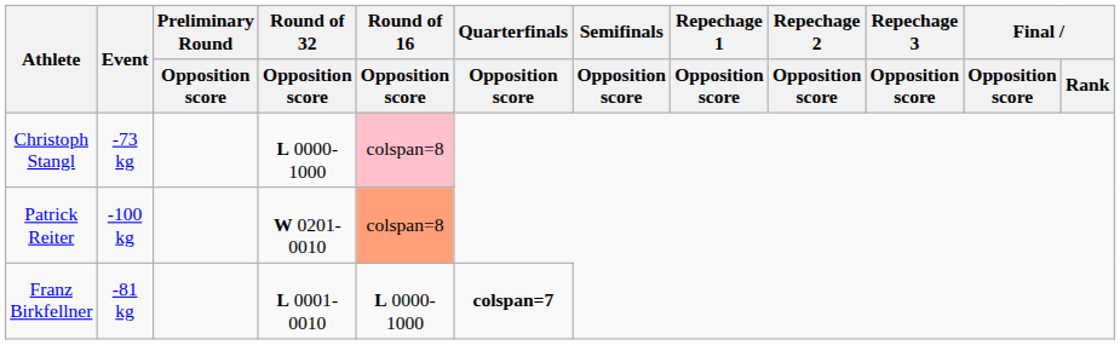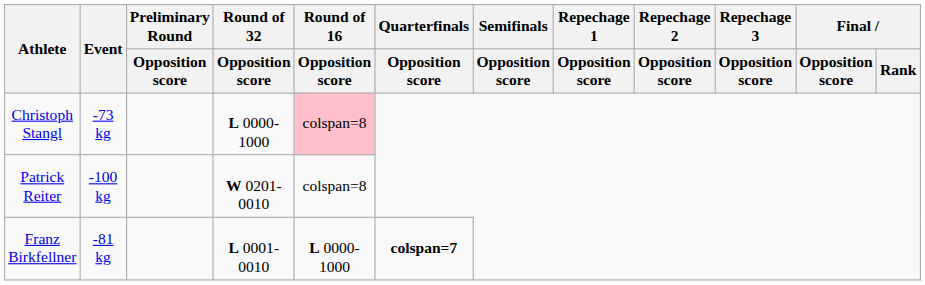 <table class=wikitable style="font-size:90%">
 <tr>
 <th rowspan=2>Athlete</th>
 <th rowspan=2>Event</th>
 <th>Preliminary Round</th>
 <th>Round of 32</th>
 <th>Round of 16</th>
 <th>Quarterfinals</th>
 <th>Semifinals</th>
 <th>Repechage 1</th>
 <th>Repechage 2</th>
 <th>Repechage 3</th>
 <th colspan=2>Final / </th>
 </tr>
 <tr>
 <th>Opposition<br> score</th>
 <th>Opposition<br> score</th>
 <th>Opposition<br> score</th>
 <th>Opposition<br> score</th>
 <th>Opposition<br> score</th>
 <th>Opposition<br> score</th>
 <th>Opposition<br> score</th>
 <th>Opposition<br> score</th>
 <th>Opposition<br> score</th>
 <th>Rank</th>
 </tr>
 <tr align=center>
 <td><a href='#'>Christoph Stangl</a></td>
 <td><a href='#'>-73 kg</a></td>
 <td></td>
 <td> <br> <strong>L</strong> 0000-1000</td>
 <td style="background: pink;">colspan=8 </td>
 </tr>
 <tr align=center>
 <td><a href='#'>Patrick Reiter</a></td>
 <td><a href='#'>-100 kg</a></td>
 <td></td>
 <td> <br> <strong>W</strong> 0201-0010</td>
-<td style="background: lightsalmon;">colspan=8 </td>
+<td>colspan=8 </td>
 </tr>
 <tr align=center>
 <td><a href='#'>Franz Birkfellner</a></td>
 <td><a href='#'>-81 kg</a></td>
 <td></td>
 <td> <br> <strong>L</strong> 0001-0010</td>
 <td> <br> <strong>L</strong> 0000-1000</td>
 <td><strong>colspan=7 </strong></td>
 </tr>
 </table>
